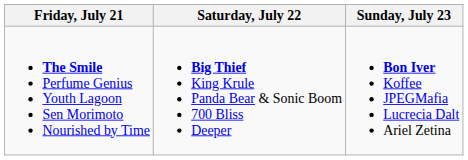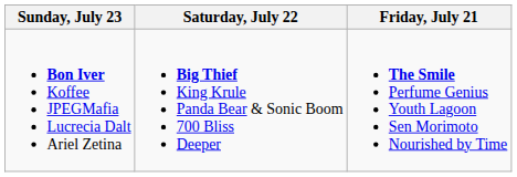 <table class="wikitable">
 <tr>
+<th>Sunday, July 23</th>
+<th>Saturday, July 22</th>
 <th>Friday, July 21</th>
-<th>Saturday, July 22</th>
-<th>Sunday, July 23</th>
 </tr>
 <tr valign="top">
+<td><br><ul><li><strong><a href='#'>Bon Iver</a></strong></li><li><a href='#'>Koffee</a></li><li><a href='#'>JPEGMafia</a></li><li><a href='#'>Lucrecia Dalt</a></li><li>Ariel Zetina</li></ul></td>
+<td><br><ul><li><strong><a href='#'>Big Thief</a></strong></li><li><a href='#'>King Krule</a></li><li><a href='#'>Panda Bear</a> & Sonic Boom</li><li><a href='#'>700 Bliss</a></li><li><a href='#'>Deeper</a></li></ul></td>
 <td><br><ul><li><strong><a href='#'>The Smile</a></strong></li><li><a href='#'>Perfume Genius</a></li><li><a href='#'>Youth Lagoon</a></li><li><a href='#'>Sen Morimoto</a></li><li><a href='#'>Nourished by Time</a></li></ul></td>
-<td><br><ul><li><strong><a href='#'>Big Thief</a></strong></li><li><a href='#'>King Krule</a></li><li><a href='#'>Panda Bear</a> & Sonic Boom</li><li><a href='#'>700 Bliss</a></li><li><a href='#'>Deeper</a></li></ul></td>
-<td><br><ul><li><strong><a href='#'>Bon Iver</a></strong></li><li><a href='#'>Koffee</a></li><li><a href='#'>JPEGMafia</a></li><li><a href='#'>Lucrecia Dalt</a></li><li>Ariel Zetina</li></ul></td>
 </tr>
 </table>
